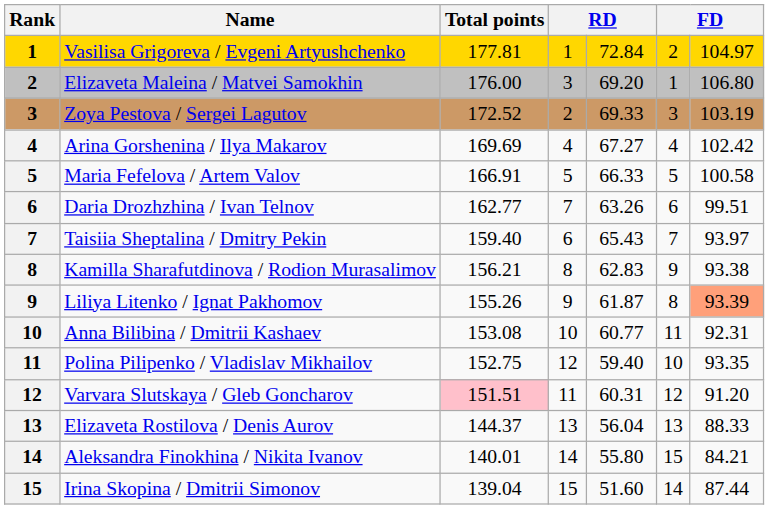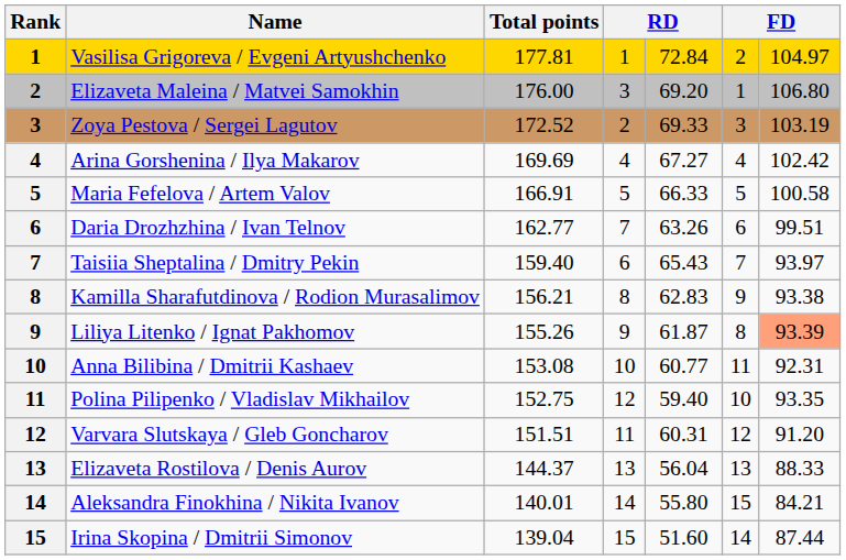 <table class="wikitable sortable">
 <tr>
 <th>Rank</th>
 <th>Name</th>
 <th>Total points</th>
 <th colspan="2" width="80px"><a href='#'>RD</a></th>
 <th colspan="2" width="80px"><a href='#'>FD</a></th>
 </tr>
 <tr bgcolor="gold">
 <td align="center"><strong>1</strong></td>
 <td><a href='#'>Vasilisa Grigoreva</a> / <a href='#'>Evgeni Artyushchenko</a></td>
 <td align="center">177.81</td>
 <td align="center">1</td>
 <td align="center">72.84</td>
 <td align="center">2</td>
 <td align="center">104.97</td>
 </tr>
 <tr bgcolor="silver">
 <td align="center"><strong>2</strong></td>
 <td><a href='#'>Elizaveta Maleina</a> / <a href='#'>Matvei Samokhin</a></td>
 <td align="center">176.00</td>
 <td align="center">3</td>
 <td align="center">69.20</td>
 <td align="center">1</td>
 <td align="center">106.80</td>
 </tr>
 <tr bgcolor="cc9966">
 <td align="center"><strong>3</strong></td>
 <td><a href='#'>Zoya Pestova</a> / <a href='#'>Sergei Lagutov</a></td>
 <td align="center">172.52</td>
 <td align="center">2</td>
 <td align="center">69.33</td>
 <td align="center">3</td>
 <td align="center">103.19</td>
 </tr>
 <tr>
 <th>4</th>
 <td><a href='#'>Arina Gorshenina</a> / <a href='#'>Ilya Makarov</a></td>
 <td align="center">169.69</td>
 <td align="center">4</td>
 <td align="center">67.27</td>
 <td align="center">4</td>
 <td align="center">102.42</td>
 </tr>
 <tr>
 <th>5</th>
 <td><a href='#'>Maria Fefelova</a> / <a href='#'>Artem Valov</a></td>
 <td align="center">166.91</td>
 <td align="center">5</td>
 <td align="center">66.33</td>
 <td align="center">5</td>
 <td align="center">100.58</td>
 </tr>
 <tr>
 <th>6</th>
 <td><a href='#'>Daria Drozhzhina</a> / <a href='#'>Ivan Telnov</a></td>
 <td align="center">162.77</td>
 <td align="center">7</td>
 <td align="center">63.26</td>
 <td align="center">6</td>
 <td align="center">99.51</td>
 </tr>
 <tr>
 <th>7</th>
 <td><a href='#'>Taisiia Sheptalina</a> / <a href='#'>Dmitry Pekin</a></td>
 <td align="center">159.40</td>
 <td align="center">6</td>
 <td align="center">65.43</td>
 <td align="center">7</td>
 <td align="center">93.97</td>
 </tr>
 <tr>
 <th>8</th>
 <td><a href='#'>Kamilla Sharafutdinova</a> / <a href='#'>Rodion Murasalimov</a></td>
 <td align="center">156.21</td>
 <td align="center">8</td>
 <td align="center">62.83</td>
 <td align="center">9</td>
 <td align="center">93.38</td>
 </tr>
 <tr>
 <th>9</th>
 <td><a href='#'>Liliya Litenko</a> / <a href='#'>Ignat Pakhomov</a></td>
 <td align="center">155.26</td>
 <td align="center">9</td>
 <td align="center">61.87</td>
 <td align="center">8</td>
 <td align="center" style="background: lightsalmon;">93.39</td>
 </tr>
 <tr>
 <th>10</th>
 <td><a href='#'>Anna Bilibina</a> / <a href='#'>Dmitrii Kashaev</a></td>
 <td align="center">153.08</td>
 <td align="center">10</td>
 <td align="center">60.77</td>
 <td align="center">11</td>
 <td align="center">92.31</td>
 </tr>
 <tr>
 <th>11</th>
 <td><a href='#'>Polina Pilipenko</a> / <a href='#'>Vladislav Mikhailov</a></td>
 <td align="center">152.75</td>
 <td align="center">12</td>
 <td align="center">59.40</td>
 <td align="center">10</td>
 <td align="center">93.35</td>
 </tr>
 <tr>
 <th>12</th>
 <td><a href='#'>Varvara Slutskaya</a> / <a href='#'>Gleb Goncharov</a></td>
-<td align="center" style="background: pink;">151.51</td>
+<td align="center">151.51</td>
 <td align="center">11</td>
 <td align="center">60.31</td>
 <td align="center">12</td>
 <td align="center">91.20</td>
 </tr>
 <tr>
 <th>13</th>
 <td><a href='#'>Elizaveta Rostilova</a> / <a href='#'>Denis Aurov</a></td>
 <td align="center">144.37</td>
 <td align="center">13</td>
 <td align="center">56.04</td>
 <td align="center">13</td>
 <td align="center">88.33</td>
 </tr>
 <tr>
 <th>14</th>
 <td><a href='#'>Aleksandra Finokhina</a> / <a href='#'>Nikita Ivanov</a></td>
 <td align="center">140.01</td>
 <td align="center">14</td>
 <td align="center">55.80</td>
 <td align="center">15</td>
 <td align="center">84.21</td>
 </tr>
 <tr>
 <th>15</th>
 <td><a href='#'>Irina Skopina</a> / <a href='#'>Dmitrii Simonov</a></td>
 <td align="center">139.04</td>
 <td align="center">15</td>
 <td align="center">51.60</td>
 <td align="center">14</td>
 <td align="center">87.44</td>
 </tr>
 </table>
